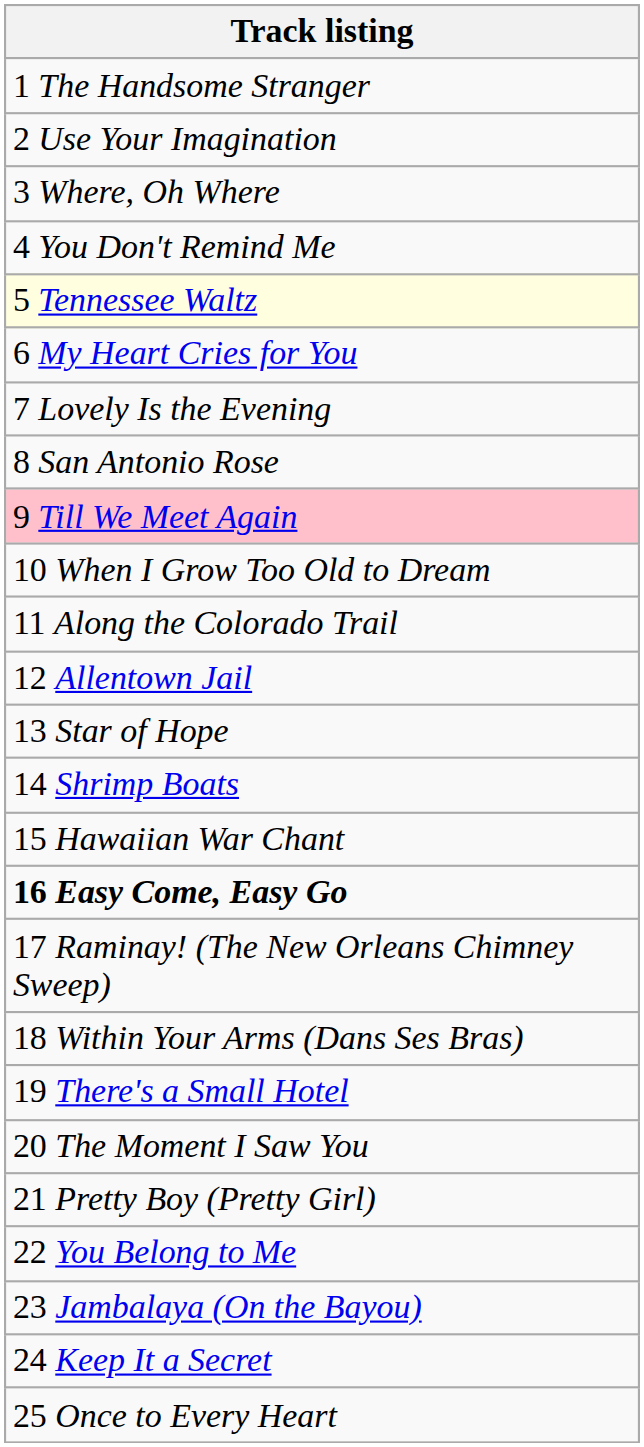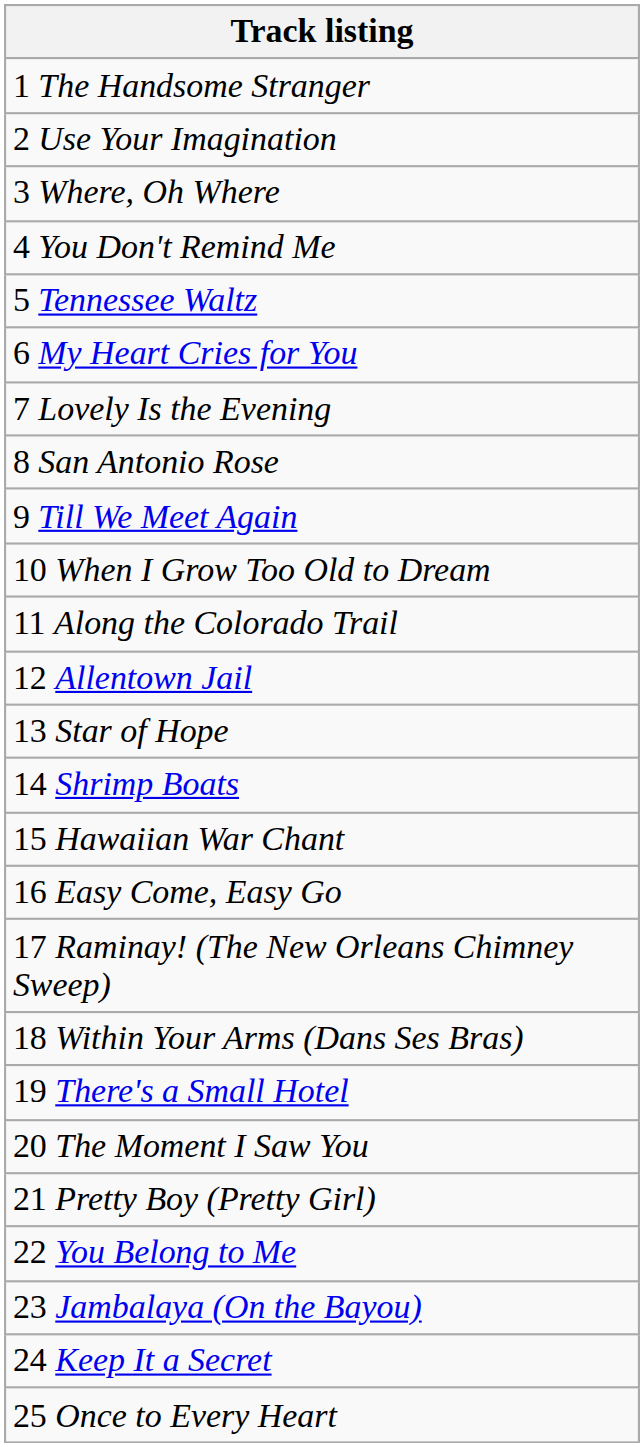 <table class="wikitable collapsible collapsed" style="width:300px;">
 <tr>
 <th>Track listing</th>
 </tr>
 <tr>
 <td>1 <em>The Handsome Stranger</em></td>
 </tr>
 <tr>
 <td>2 <em>Use Your Imagination</em></td>
 </tr>
 <tr>
 <td>3 <em>Where, Oh Where</em></td>
 </tr>
 <tr>
 <td>4 <em>You Don't Remind Me</em></td>
 </tr>
 <tr>
-<td style="background: lightyellow;">5 <em><a href='#'>Tennessee Waltz</a></em></td>
+<td>5 <em><a href='#'>Tennessee Waltz</a></em></td>
 </tr>
 <tr>
 <td>6 <em><a href='#'>My Heart Cries for You</a></em></td>
 </tr>
 <tr>
 <td>7 <em>Lovely Is the Evening</em></td>
 </tr>
 <tr>
 <td>8 <em>San Antonio Rose</em></td>
 </tr>
 <tr>
-<td style="background: pink;">9 <em><a href='#'>Till We Meet Again</a></em></td>
+<td>9 <em><a href='#'>Till We Meet Again</a></em></td>
 </tr>
 <tr>
 <td>10 <em>When I Grow Too Old to Dream</em></td>
 </tr>
 <tr>
 <td>11 <em>Along the Colorado Trail</em></td>
 </tr>
 <tr>
 <td>12 <em><a href='#'>Allentown Jail</a></em></td>
 </tr>
 <tr>
 <td>13 <em>Star of Hope</em></td>
 </tr>
 <tr>
 <td>14 <em><a href='#'>Shrimp Boats</a></em></td>
 </tr>
 <tr>
 <td>15 <em>Hawaiian War Chant</em></td>
 </tr>
 <tr>
-<td><strong>16 <em>Easy Come, Easy Go</em></strong></td>
+<td>16 <em>Easy Come, Easy Go</em></td>
 </tr>
 <tr>
 <td>17 <em>Raminay! (The New Orleans Chimney Sweep)</em></td>
 </tr>
 <tr>
 <td>18 <em>Within Your Arms (Dans Ses Bras)</em></td>
 </tr>
 <tr>
 <td>19 <em><a href='#'>There's a Small Hotel</a></em></td>
 </tr>
 <tr>
 <td>20 <em>The Moment I Saw You</em></td>
 </tr>
 <tr>
 <td>21 <em>Pretty Boy (Pretty Girl)</em></td>
 </tr>
 <tr>
 <td>22 <em><a href='#'>You Belong to Me</a></em></td>
 </tr>
 <tr>
 <td>23 <em><a href='#'>Jambalaya (On the Bayou)</a></em></td>
 </tr>
 <tr>
 <td>24 <em><a href='#'>Keep It a Secret</a></em></td>
 </tr>
 <tr>
 <td>25 <em>Once to Every Heart</em></td>
 </tr>
 </table>
